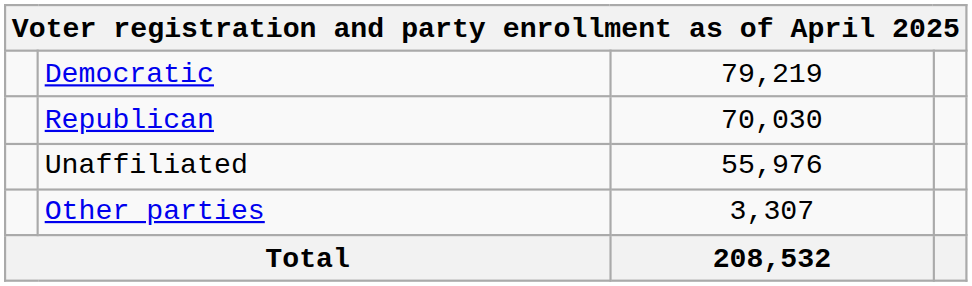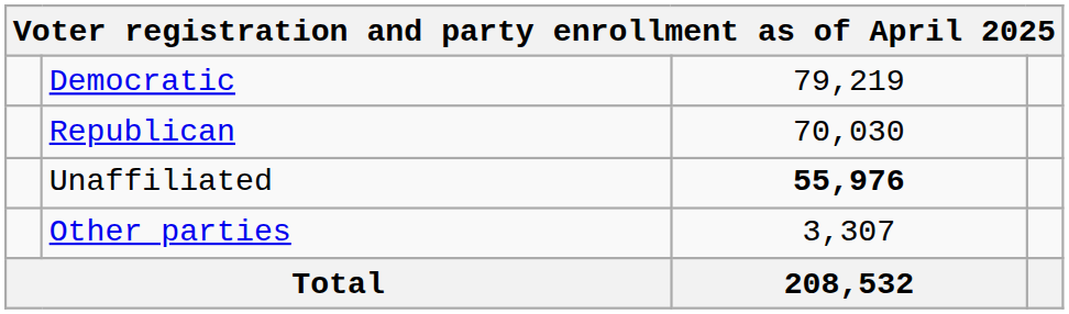 <table class=wikitable>
 <tr>
 <th colspan = 6>Voter registration and party enrollment as of April 2025</th>
 </tr>
 <tr>
 <td></td>
 <td><a href='#'>Democratic</a></td>
 <td align = center>79,219</td>
 <td align = center></td>
 </tr>
 <tr>
 <td></td>
 <td><a href='#'>Republican</a></td>
 <td align = center>70,030</td>
 <td align = center></td>
 </tr>
 <tr>
 <td></td>
 <td>Unaffiliated</td>
-<td align = center>55,976</td>
+<td align = center><strong>55,976</strong></td>
 <td align = center></td>
 </tr>
 <tr>
 <td></td>
 <td><a href='#'>Other parties</a></td>
 <td align="center">3,307</td>
 <td align="center"></td>
 </tr>
 <tr>
 <th colspan="2">Total</th>
 <th align="center">208,532</th>
 <th align="center"></th>
 </tr>
 </table>
